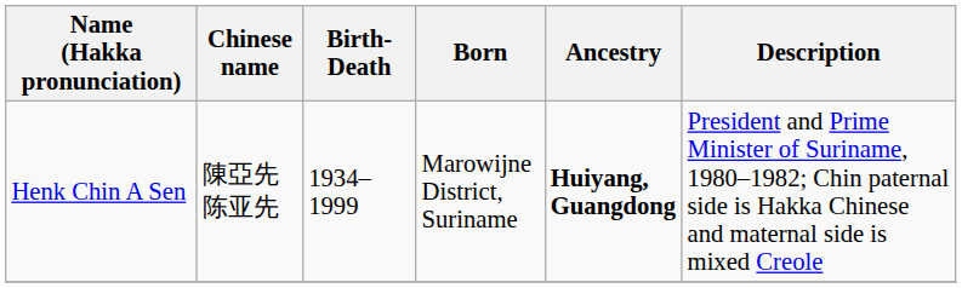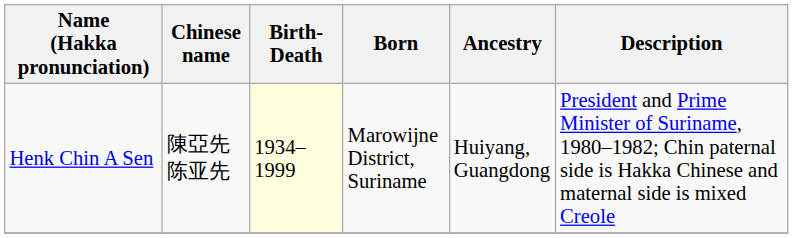 <table class="wikitable">
 <tr>
 <th width="115">Name<br>(Hakka pronunciation)</th>
 <th width="60">Chinese name</th>
 <th width="65">Birth-Death</th>
 <th width="75">Born</th>
 <th width="75">Ancestry</th>
 <th>Description</th>
 </tr>
 <tr>
 <td><a href='#'>Henk Chin A Sen</a></td>
 <td>陳亞先<br>陈亚先</td>
-<td>1934–1999</td>
+<td style="background: lightyellow;">1934–1999</td>
 <td>Marowijne District, Suriname</td>
-<td><strong>Huiyang, Guangdong</strong></td>
+<td>Huiyang, Guangdong</td>
 <td><a href='#'>President</a> and <a href='#'>Prime Minister of Suriname</a>, 1980–1982; Chin paternal side is Hakka Chinese and maternal side is mixed <a href='#'>Creole</a></td>
 </tr>
 <tr>
 </tr>
 </table>
